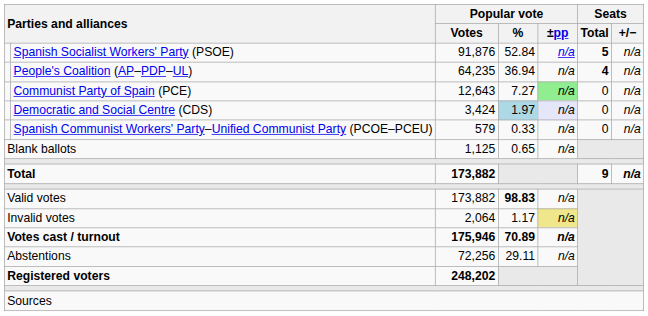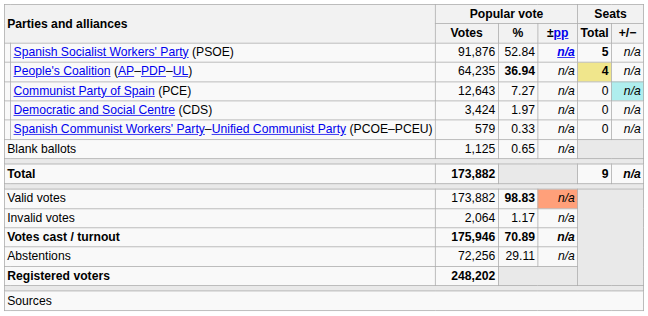 <table class="wikitable" style="text-align:right;">
 <tr>
 <th style="text-align:left;" rowspan="2" colspan="2" width="525">Parties and alliances</th>
 <th colspan="3">Popular vote</th>
 <th colspan="2">Seats</th>
 </tr>
 <tr>
 <th width="75">Votes</th>
 <th width="45">%</th>
 <th width="45">±<a href='#'>pp</a></th>
 <th width="35">Total</th>
 <th width="35">+/−</th>
 </tr>
 <tr>
 <td width="1" style="color:inherit;background:"></td>
 <td align="left"><a href='#'>Spanish Socialist Workers' Party</a> (PSOE)</td>
 <td>91,876</td>
 <td>52.84</td>
-<td><em><a href='#'>n/a</a></em></td>
+<td><strong><em><a href='#'>n/a</a></em></strong></td>
 <td><strong>5</strong></td>
 <td><em>n/a</em></td>
 </tr>
 <tr>
 <td style="color:inherit;background:"></td>
 <td align="left"><a href='#'>People's Coalition</a> (<a href='#'>AP</a>–<a href='#'>PDP</a>–<a href='#'>UL</a>)</td>
 <td>64,235</td>
-<td>36.94</td>
+<td><strong>36.94</strong></td>
 <td><em>n/a</em></td>
-<td><strong>4</strong></td>
+<td style="background: khaki;"><strong>4</strong></td>
 <td><em>n/a</em></td>
 </tr>
 <tr>
 <td style="color:inherit;background:"></td>
 <td align="left"><a href='#'>Communist Party of Spain</a> (PCE)</td>
 <td>12,643</td>
 <td>7.27</td>
-<td style="background: lightgreen;"><em>n/a</em></td>
+<td><em>n/a</em></td>
 <td>0</td>
-<td><em>n/a</em></td>
+<td style="background: paleturquoise;"><em>n/a</em></td>
 </tr>
 <tr>
 <td style="color:inherit;background:"></td>
 <td align="left"><a href='#'>Democratic and Social Centre</a> (CDS)</td>
 <td>3,424</td>
-<td style="background: lightblue;">1.97</td>
-<td style="background: lavender;"><em>n/a</em></td>
+<td>1.97</td>
+<td><em>n/a</em></td>
 <td>0</td>
 <td><em>n/a</em></td>
 </tr>
 <tr>
 <td style="color:inherit;background:"></td>
 <td align="left"><a href='#'>Spanish Communist Workers' Party</a>–<a href='#'>Unified Communist Party</a> (PCOE–PCEU)</td>
 <td>579</td>
 <td>0.33</td>
 <td><em>n/a</em></td>
 <td>0</td>
 <td><em>n/a</em></td>
 </tr>
 <tr>
 <td align="left" colspan="2">Blank ballots</td>
 <td>1,125</td>
 <td>0.65</td>
 <td><em>n/a</em></td>
 <td bgcolor="#E9E9E9" colspan="2"></td>
 </tr>
 <tr>
 <td colspan="7" bgcolor="#E9E9E9"></td>
 </tr>
 <tr style="font-weight:bold;">
 <td align="left" colspan="2">Total</td>
 <td>173,882</td>
 <td bgcolor="#E9E9E9" colspan="2"></td>
 <td>9</td>
 <td><em>n/a</em></td>
 </tr>
 <tr>
 <td colspan="7" bgcolor="#E9E9E9"></td>
 </tr>
 <tr>
 <td align="left" colspan="2">Valid votes</td>
 <td>173,882</td>
 <td><strong>98.83</strong></td>
-<td><em>n/a</em></td>
+<td style="background: lightsalmon;"><em>n/a</em></td>
 <td bgcolor="#E9E9E9" colspan="2" rowspan="5"></td>
 </tr>
 <tr>
 <td align="left" colspan="2">Invalid votes</td>
 <td>2,064</td>
 <td>1.17</td>
-<td style="background: khaki;"><em>n/a</em></td>
+<td><em>n/a</em></td>
 </tr>
 <tr style="font-weight:bold;">
 <td align="left" colspan="2">Votes cast / turnout</td>
 <td>175,946</td>
 <td>70.89</td>
 <td><em>n/a</em></td>
 </tr>
 <tr>
 <td align="left" colspan="2">Abstentions</td>
 <td>72,256</td>
 <td>29.11</td>
 <td><em>n/a</em></td>
 </tr>
 <tr style="font-weight:bold;">
 <td align="left" colspan="2">Registered voters</td>
 <td>248,202</td>
 <td bgcolor="#E9E9E9" colspan="2"></td>
 </tr>
 <tr>
 <td colspan="7" bgcolor="#E9E9E9"></td>
 </tr>
 <tr>
 <td align="left" colspan="7">Sources</td>
 </tr>
 </table>
